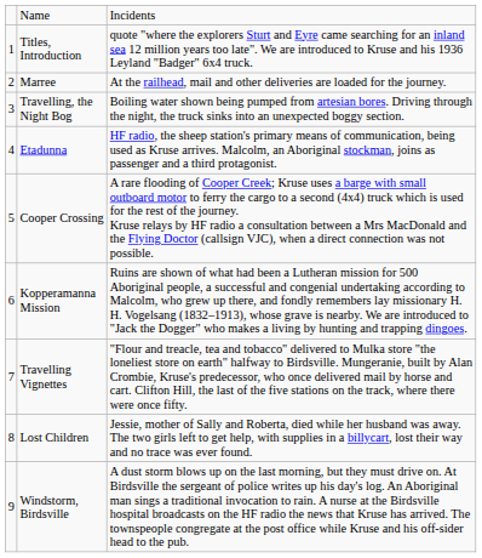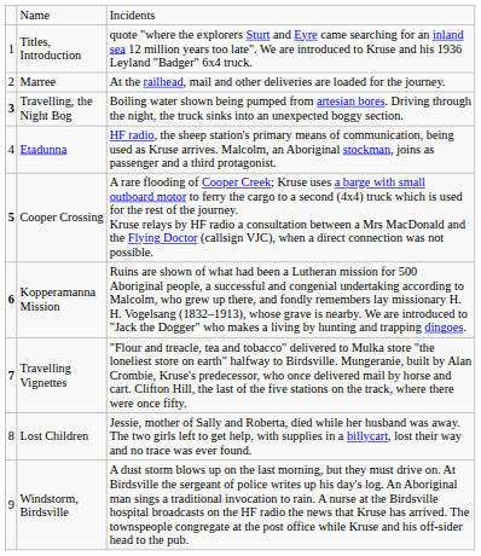 <table class="wikitable">
 <tr>
 <td></td>
 <td>Name</td>
 <td>Incidents</td>
 </tr>
 <tr>
 <td>1</td>
 <td>Titles, Introduction</td>
 <td>quote "where the explorers <a href='#'>Sturt</a> and <a href='#'>Eyre</a> came searching for an <a href='#'>inland sea</a> 12 million years too late". We are introduced to Kruse and his 1936 Leyland "Badger" 6x4 truck.</td>
 </tr>
 <tr>
 <td>2</td>
 <td>Marree</td>
 <td>At the <a href='#'>railhead</a>, mail and other deliveries are loaded for the  journey.</td>
 </tr>
 <tr>
-<td>3</td>
+<td><strong>3</strong></td>
 <td>Travelling, the Night Bog</td>
 <td>Boiling water shown being pumped from <a href='#'>artesian bores</a>. Driving through the night, the truck sinks into an unexpected boggy section.</td>
 </tr>
 <tr>
 <td>4</td>
 <td><a href='#'>Etadunna</a></td>
 <td><a href='#'>HF radio</a>, the sheep station's primary means of communication, being used as Kruse arrives. Malcolm, an Aboriginal <a href='#'>stockman</a>, joins as passenger and a third protagonist.</td>
 </tr>
 <tr>
-<td>5</td>
+<td><strong>5</strong></td>
 <td>Cooper Crossing</td>
 <td>A rare flooding of <a href='#'>Cooper Creek</a>; Kruse uses <a href='#'>a barge with small outboard motor</a> to ferry the cargo to a second (4x4) truck which is used for the rest of the journey.<br>Kruse relays by HF radio a consultation between a Mrs MacDonald and the <a href='#'>Flying Doctor</a> (callsign VJC), when a direct connection was not possible.</td>
 </tr>
 <tr>
-<td>6</td>
+<td><strong>6</strong></td>
 <td>Kopperamanna Mission</td>
 <td>Ruins are shown of what had been a Lutheran mission for 500 Aboriginal people, a successful and congenial undertaking according to Malcolm, who grew up there, and fondly remembers lay missionary H. H. Vogelsang (1832–1913), whose grave is nearby. We are introduced to "Jack the Dogger" who makes a living by hunting and trapping <a href='#'>dingoes</a>.</td>
 </tr>
 <tr>
-<td>7</td>
+<td><strong>7</strong></td>
 <td>Travelling Vignettes</td>
 <td>"Flour and treacle, tea and tobacco" delivered to Mulka store "the loneliest store on earth" halfway to Birdsville. Mungeranie, built by Alan Crombie, Kruse's predecessor, who once delivered mail by horse and cart. Clifton Hill, the last of the five stations on the track, where there were once fifty.</td>
 </tr>
 <tr>
 <td>8</td>
 <td>Lost Children</td>
 <td>Jessie, mother of Sally and Roberta, died while her husband was away. The two girls left to get help, with supplies in a <a href='#'>billycart</a>, lost their way and no trace was ever found.</td>
 </tr>
 <tr>
 <td>9</td>
 <td>Windstorm, Birdsville</td>
 <td>A dust storm blows up on the last morning, but they must drive on. At Birdsville the sergeant of police writes up his day's log. An Aboriginal man sings a traditional invocation to rain. A nurse at the Birdsville hospital broadcasts on the HF radio the news that Kruse has arrived. The townspeople congregate at the post office while Kruse and his off-sider head to the pub.</td>
 </tr>
 </table>
